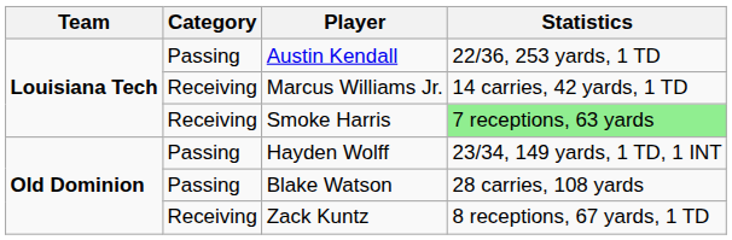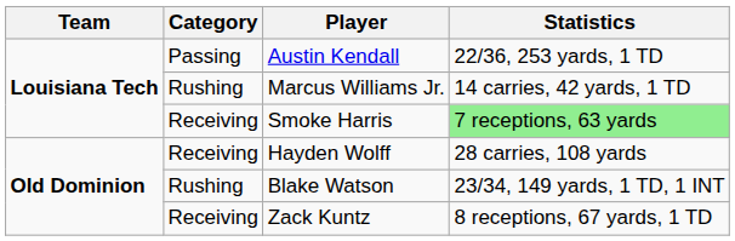 <table class="wikitable" style="float: left;">
 <tr>
 <th>Team</th>
 <th>Category</th>
 <th>Player</th>
 <th>Statistics</th>
 </tr>
 <tr>
 <td rowspan=3><strong>Louisiana Tech</strong></td>
 <td>Passing</td>
 <td><a href='#'>Austin Kendall</a></td>
 <td>22/36, 253 yards, 1 TD</td>
 </tr>
 <tr>
-<td>Receiving</td>
+<td>Rushing</td>
 <td>Marcus Williams Jr.</td>
 <td>14 carries, 42 yards, 1 TD</td>
 </tr>
 <tr>
 <td>Receiving</td>
 <td>Smoke Harris</td>
 <td style="background: lightgreen;">7 receptions, 63 yards</td>
 </tr>
 <tr>
 <td rowspan=3><strong>Old Dominion</strong></td>
-<td>Passing</td>
+<td>Receiving</td>
 <td>Hayden Wolff</td>
-<td>23/34, 149 yards, 1 TD, 1 INT</td>
+<td>28 carries, 108 yards</td>
 </tr>
 <tr>
-<td>Passing</td>
+<td>Rushing</td>
 <td>Blake Watson</td>
-<td>28 carries, 108 yards</td>
+<td>23/34, 149 yards, 1 TD, 1 INT</td>
 </tr>
 <tr>
 <td>Receiving</td>
 <td>Zack Kuntz</td>
 <td>8 receptions, 67 yards, 1 TD</td>
 </tr>
 </table>
